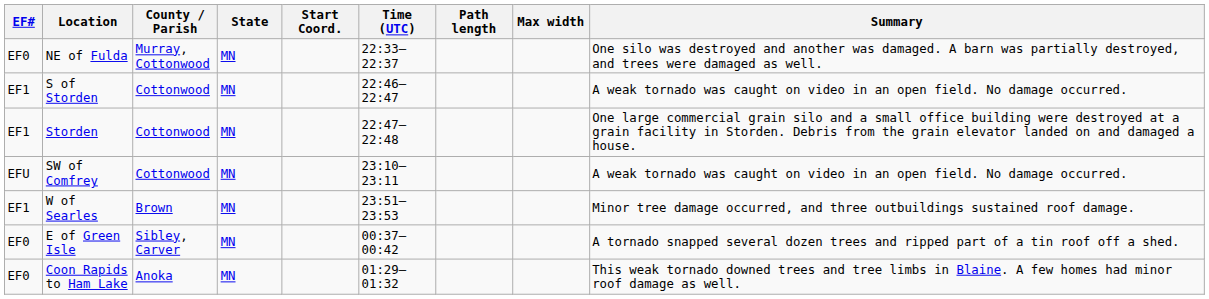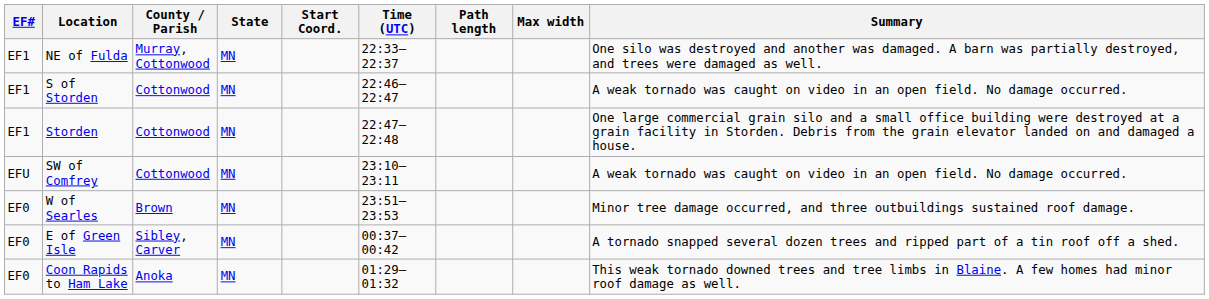 <table class="wikitable sortable" style="width:100%;">
 <tr>
 <th scope="col"  style="width:3%; text-align:center;"><a href='#'>EF#</a></th>
 <th scope="col"  style="width:7%; text-align:center;" class="unsortable">Location</th>
 <th scope="col"  style="width:6%; text-align:center;" class="unsortable">County / Parish</th>
 <th scope="col"  style="width:5%; text-align:center;">State</th>
 <th scope="col"  style="width:6%; text-align:center;">Start Coord.</th>
 <th scope="col"  style="width:6%; text-align:center;">Time (<a href='#'>UTC</a>)</th>
 <th scope="col"  style="width:6%; text-align:center;">Path length</th>
 <th scope="col"  style="width:6%; text-align:center;">Max width</th>
 <th scope="col" class="unsortable" style="width:48%; text-align:center;">Summary</th>
 </tr>
 <tr>
-<td>EF0</td>
+<td>EF1</td>
 <td>NE of <a href='#'>Fulda</a></td>
 <td><a href='#'>Murray</a>, <a href='#'>Cottonwood</a></td>
 <td><a href='#'>MN</a></td>
 <td></td>
 <td>22:33–22:37</td>
 <td></td>
 <td></td>
 <td>One silo was destroyed and another was damaged. A barn was partially destroyed, and trees were damaged as well.</td>
 </tr>
 <tr>
 <td>EF1</td>
 <td>S of <a href='#'>Storden</a></td>
 <td><a href='#'>Cottonwood</a></td>
 <td><a href='#'>MN</a></td>
 <td></td>
 <td>22:46–22:47</td>
 <td></td>
 <td></td>
 <td>A weak tornado was caught on video in an open field. No damage occurred.</td>
 </tr>
 <tr>
 <td>EF1</td>
 <td><a href='#'>Storden</a></td>
 <td><a href='#'>Cottonwood</a></td>
 <td><a href='#'>MN</a></td>
 <td></td>
 <td>22:47–22:48</td>
 <td></td>
 <td></td>
 <td>One large commercial grain silo and a small office building were destroyed at a grain facility in Storden. Debris from the grain elevator landed on and damaged a house.</td>
 </tr>
 <tr>
 <td>EFU</td>
 <td>SW of <a href='#'>Comfrey</a></td>
 <td><a href='#'>Cottonwood</a></td>
 <td><a href='#'>MN</a></td>
 <td></td>
 <td>23:10–23:11</td>
 <td></td>
 <td></td>
 <td>A weak tornado was caught on video in an open field. No damage occurred.</td>
 </tr>
 <tr>
-<td>EF1</td>
+<td>EF0</td>
 <td>W of <a href='#'>Searles</a></td>
 <td><a href='#'>Brown</a></td>
 <td><a href='#'>MN</a></td>
 <td></td>
 <td>23:51–23:53</td>
 <td></td>
 <td></td>
 <td>Minor tree damage occurred, and three outbuildings sustained roof damage.</td>
 </tr>
 <tr>
 <td>EF0</td>
 <td>E of <a href='#'>Green Isle</a></td>
 <td><a href='#'>Sibley</a>, <a href='#'>Carver</a></td>
 <td><a href='#'>MN</a></td>
 <td></td>
 <td>00:37–00:42</td>
 <td></td>
 <td></td>
 <td>A tornado snapped several dozen trees and ripped part of a tin roof off a shed.</td>
 </tr>
 <tr>
 <td>EF0</td>
 <td><a href='#'>Coon Rapids</a> to <a href='#'>Ham Lake</a></td>
 <td><a href='#'>Anoka</a></td>
 <td><a href='#'>MN</a></td>
 <td></td>
 <td>01:29–01:32</td>
 <td></td>
 <td></td>
 <td>This weak tornado downed trees and tree limbs in <a href='#'>Blaine</a>. A few homes had minor roof damage as well.</td>
 </tr>
 </table>
